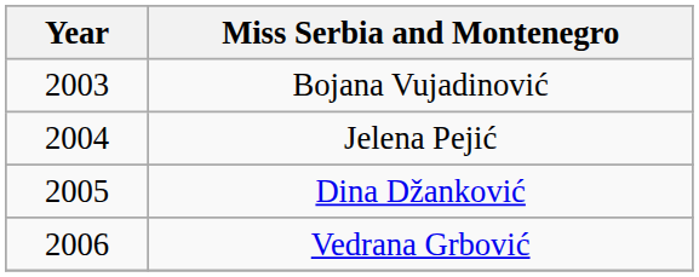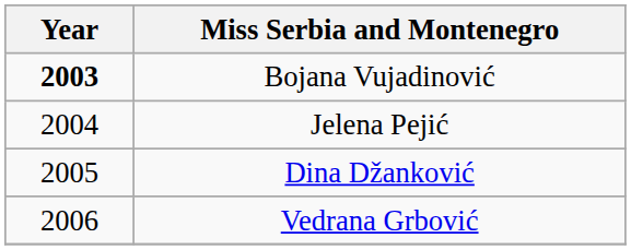 <table class="wikitable sortable" style="font-size: 95%; text-align:center">
 <tr>
 <th width="60">Year</th>
 <th width="250">Miss Serbia and Montenegro</th>
 </tr>
 <tr>
-<td>2003</td>
+<td><strong>2003</strong></td>
 <td>Bojana Vujadinović</td>
 </tr>
 <tr>
 <td>2004</td>
 <td>Jelena Pejić</td>
 </tr>
 <tr>
 <td>2005</td>
 <td><a href='#'>Dina Džanković</a></td>
 </tr>
 <tr>
 <td>2006</td>
 <td><a href='#'>Vedrana Grbović</a></td>
 </tr>
 <tr>
 </tr>
 </table>
